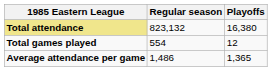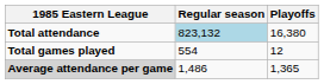 <table class="wikitable" border="1">
 <tr>
 <th>1985 Eastern League</th>
 <th>Regular season</th>
 <th>Playoffs</th>
 </tr>
 <tr>
-<td style="background: khaki;"><strong>Total attendance</strong></td>
-<td>823,132</td>
+<td><strong>Total attendance</strong></td>
+<td style="background: lightblue;">823,132</td>
 <td>16,380</td>
 </tr>
 <tr>
 <td><strong>Total games played</strong></td>
 <td>554</td>
 <td>12</td>
 </tr>
 <tr>
-<td><strong>Average attendance per game</strong></td>
+<td style="background: lightgrey;"><strong>Average attendance per game</strong></td>
 <td>1,486</td>
 <td>1,365</td>
 </tr>
 </table>
